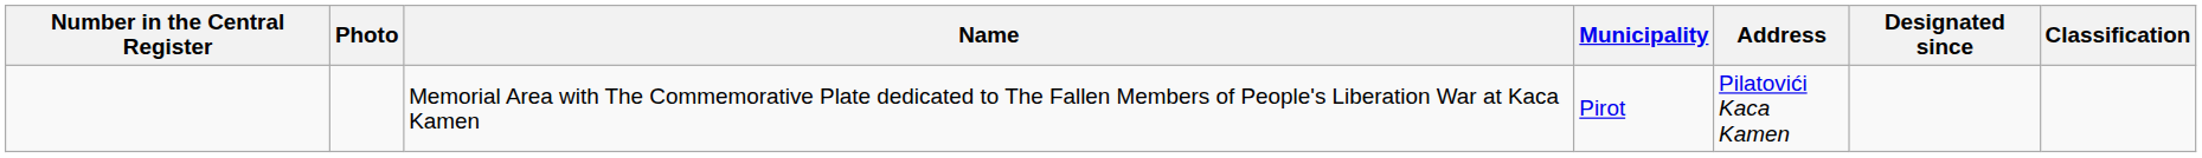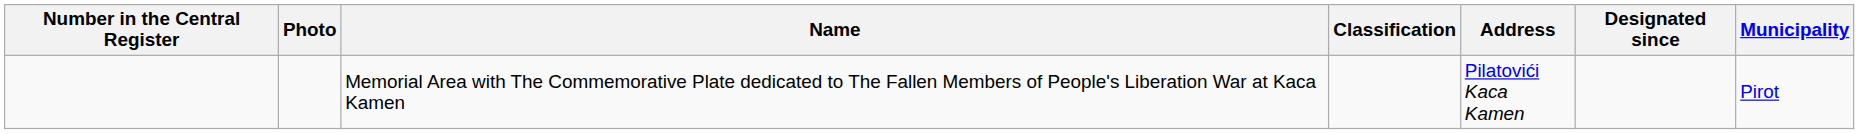 <table class="wikitable sortable">
 <tr>
 <th>Number in the Central Register</th>
 <th>Photo</th>
 <th>Name</th>
-<th><a href='#'>Municipality</a></th>
+<th>Classification</th>
 <th>Address</th>
 <th>Designated since</th>
-<th>Classification</th>
+<th><a href='#'>Municipality</a></th>
 </tr>
 <tr>
 <td></td>
 <td></td>
 <td>Memorial Area with The Commemorative Plate dedicated to The Fallen Members of People's Liberation War at Kaca Kamen</td>
-<td><a href='#'>Pirot</a></td>
+<td></td>
 <td><a href='#'>Pilatovići</a><br><em>Kaca Kamen</em><br></td>
 <td></td>
-<td></td>
+<td><a href='#'>Pirot</a></td>
 </tr>
 </table>
